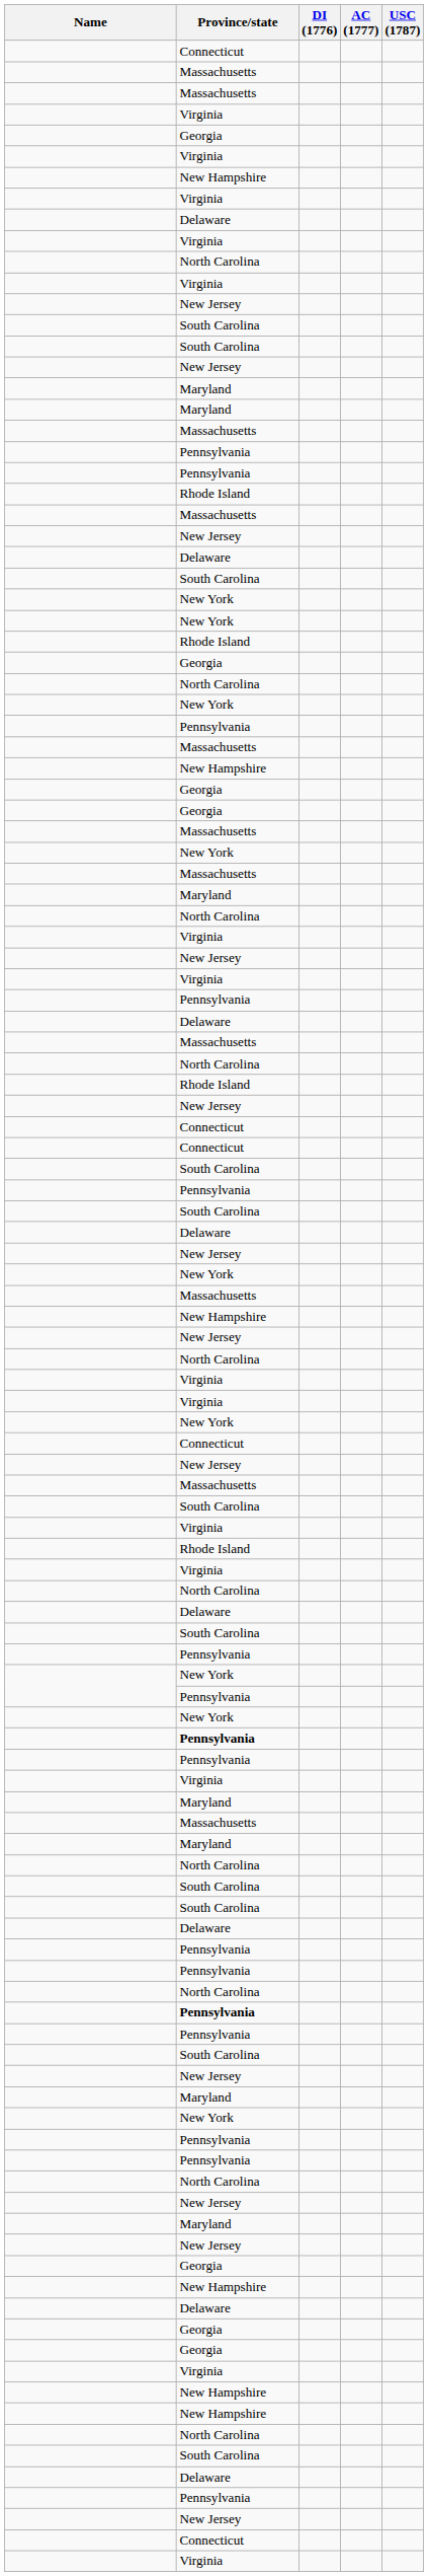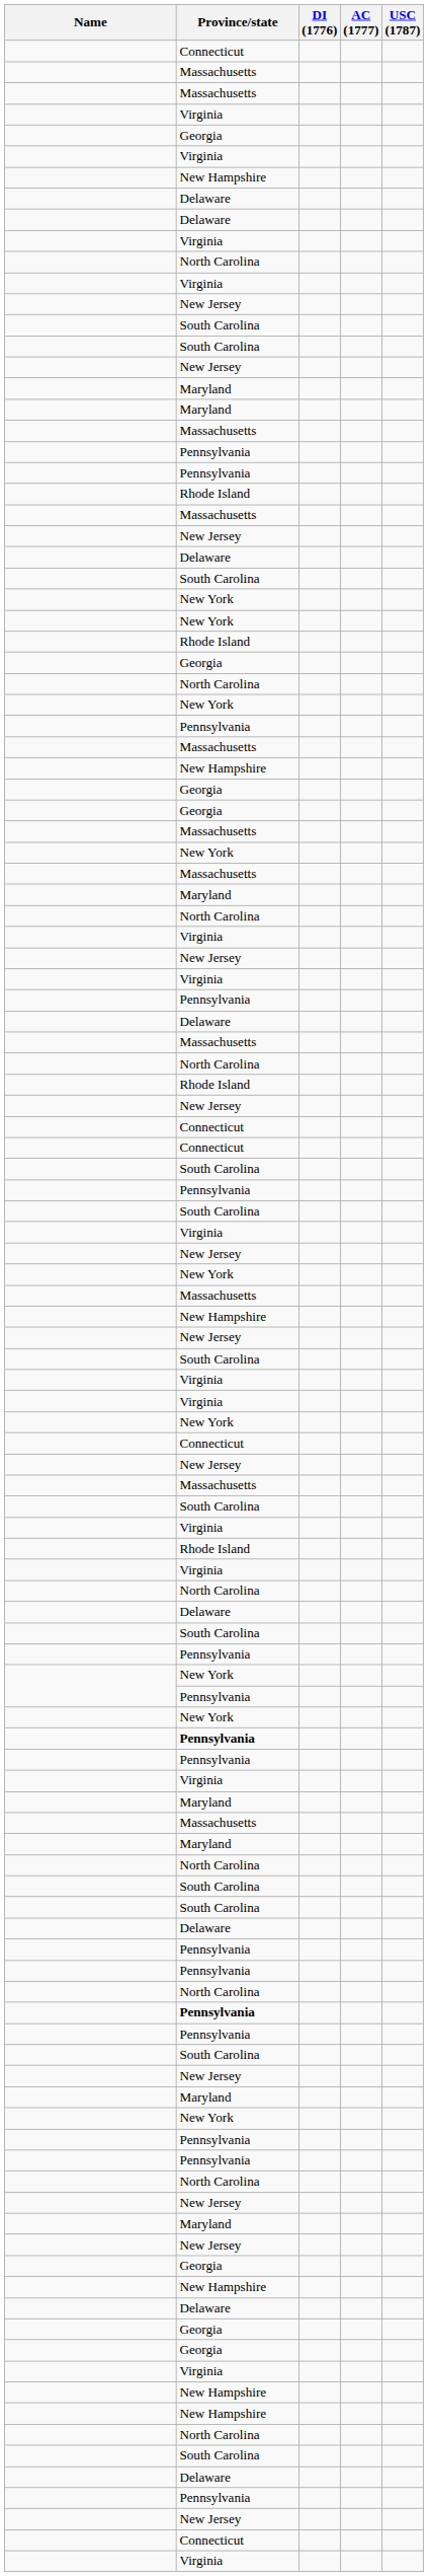 <table class="wikitable sortable">
 <tr>
 <th style="width:150pt;">Name</th>
 <th style="width:105pt;">Province/state</th>
 <th style="width:25pt;"><abbr><a href='#'>DI</a> </abbr>(1776)</th>
 <th style="width:25pt;"><abbr><a href='#'>AC</a></abbr> (1777)</th>
 <th style="width:25pt;"><abbr><a href='#'>USC</a></abbr> (1787)</th>
 </tr>
 <tr>
 <td></td>
 <td>Connecticut</td>
 <td></td>
 <td></td>
 <td></td>
 </tr>
 <tr>
 <td></td>
 <td>Massachusetts</td>
 <td></td>
 <td></td>
 <td></td>
 </tr>
 <tr>
 <td></td>
 <td>Massachusetts</td>
 <td></td>
 <td></td>
 <td></td>
 </tr>
 <tr>
 <td></td>
 <td>Virginia</td>
 <td></td>
 <td></td>
 <td></td>
 </tr>
 <tr>
 <td></td>
 <td>Georgia</td>
 <td></td>
 <td></td>
 <td></td>
 </tr>
 <tr>
 <td></td>
 <td>Virginia</td>
 <td></td>
 <td></td>
 <td></td>
 </tr>
 <tr>
 <td></td>
 <td>New Hampshire</td>
 <td></td>
 <td></td>
 <td></td>
 </tr>
 <tr>
 <td></td>
-<td>Virginia</td>
+<td>Delaware</td>
 <td></td>
 <td></td>
 <td></td>
 </tr>
 <tr>
 <td></td>
 <td>Delaware</td>
 <td></td>
 <td></td>
 <td></td>
 </tr>
 <tr>
 <td></td>
 <td>Virginia</td>
 <td></td>
 <td></td>
 <td></td>
 </tr>
 <tr>
 <td></td>
 <td>North Carolina</td>
 <td></td>
 <td></td>
 <td></td>
 </tr>
 <tr>
 <td></td>
 <td>Virginia</td>
 <td></td>
 <td></td>
 <td></td>
 </tr>
 <tr>
 <td></td>
 <td>New Jersey</td>
 <td></td>
 <td></td>
 <td></td>
 </tr>
 <tr>
 <td></td>
 <td>South Carolina</td>
 <td></td>
 <td></td>
 <td></td>
 </tr>
 <tr>
 <td></td>
 <td>South Carolina</td>
 <td></td>
 <td></td>
 <td></td>
 </tr>
 <tr>
 <td></td>
 <td>New Jersey</td>
 <td></td>
 <td></td>
 <td></td>
 </tr>
 <tr>
 <td></td>
 <td>Maryland</td>
 <td></td>
 <td></td>
 <td></td>
 </tr>
 <tr>
 <td></td>
 <td>Maryland</td>
 <td></td>
 <td></td>
 <td></td>
 </tr>
 <tr>
 <td></td>
 <td>Massachusetts</td>
 <td></td>
 <td></td>
 <td></td>
 </tr>
 <tr>
 <td></td>
 <td>Pennsylvania</td>
 <td></td>
 <td></td>
 <td></td>
 </tr>
 <tr>
 <td></td>
 <td>Pennsylvania</td>
 <td></td>
 <td></td>
 <td></td>
 </tr>
 <tr>
 <td></td>
 <td>Rhode Island</td>
 <td></td>
 <td></td>
 <td></td>
 </tr>
 <tr>
 <td></td>
 <td>Massachusetts</td>
 <td></td>
 <td></td>
 <td></td>
 </tr>
 <tr>
 <td></td>
 <td>New Jersey</td>
 <td></td>
 <td></td>
 <td></td>
 </tr>
 <tr>
 <td></td>
 <td>Delaware</td>
 <td></td>
 <td></td>
 <td></td>
 </tr>
 <tr>
 <td></td>
 <td>South Carolina</td>
 <td></td>
 <td></td>
 <td></td>
 </tr>
 <tr>
 <td></td>
 <td>New York</td>
 <td></td>
 <td></td>
 <td></td>
 </tr>
 <tr>
 <td></td>
 <td>New York</td>
 <td></td>
 <td></td>
 <td></td>
 </tr>
 <tr>
 <td></td>
 <td>Rhode Island</td>
 <td></td>
 <td></td>
 <td></td>
 </tr>
 <tr>
 <td></td>
 <td>Georgia</td>
 <td></td>
 <td></td>
 <td></td>
 </tr>
 <tr>
 <td></td>
 <td>North Carolina</td>
 <td></td>
 <td></td>
 <td></td>
 </tr>
 <tr>
 <td></td>
 <td>New York</td>
 <td></td>
 <td></td>
 <td></td>
 </tr>
 <tr>
 <td></td>
 <td>Pennsylvania</td>
 <td></td>
 <td></td>
 <td></td>
 </tr>
 <tr>
 <td></td>
 <td>Massachusetts</td>
 <td></td>
 <td></td>
 <td></td>
 </tr>
 <tr>
 <td></td>
 <td>New Hampshire</td>
 <td></td>
 <td></td>
 <td></td>
 </tr>
 <tr>
 <td></td>
 <td>Georgia</td>
 <td></td>
 <td></td>
 <td></td>
 </tr>
 <tr>
 <td></td>
 <td>Georgia</td>
 <td></td>
 <td></td>
 <td></td>
 </tr>
 <tr>
 <td></td>
 <td>Massachusetts</td>
 <td></td>
 <td></td>
 <td></td>
 </tr>
 <tr>
 <td></td>
 <td>New York</td>
 <td></td>
 <td></td>
 <td></td>
 </tr>
 <tr>
 <td></td>
 <td>Massachusetts</td>
 <td></td>
 <td></td>
 <td></td>
 </tr>
 <tr>
 <td></td>
 <td>Maryland</td>
 <td></td>
 <td></td>
 <td></td>
 </tr>
 <tr>
 <td></td>
 <td>North Carolina</td>
 <td></td>
 <td></td>
 <td></td>
 </tr>
 <tr>
 <td></td>
 <td>Virginia</td>
 <td></td>
 <td></td>
 <td></td>
 </tr>
 <tr>
 <td></td>
 <td>New Jersey</td>
 <td></td>
 <td></td>
 <td></td>
 </tr>
 <tr>
 <td></td>
 <td>Virginia</td>
 <td></td>
 <td></td>
 <td></td>
 </tr>
 <tr>
 <td></td>
 <td>Pennsylvania</td>
 <td></td>
 <td></td>
 <td></td>
 </tr>
 <tr>
 <td></td>
 <td>Delaware</td>
 <td></td>
 <td></td>
 <td></td>
 </tr>
 <tr>
 <td></td>
 <td>Massachusetts</td>
 <td></td>
 <td></td>
 <td></td>
 </tr>
 <tr>
 <td></td>
 <td>North Carolina</td>
 <td></td>
 <td></td>
 <td></td>
 </tr>
 <tr>
 <td></td>
 <td>Rhode Island</td>
 <td></td>
 <td></td>
 <td></td>
 </tr>
 <tr>
 <td></td>
 <td>New Jersey</td>
 <td></td>
 <td></td>
 <td></td>
 </tr>
 <tr>
 <td></td>
 <td>Connecticut</td>
 <td></td>
 <td></td>
 <td></td>
 </tr>
 <tr>
 <td></td>
 <td>Connecticut</td>
 <td></td>
 <td></td>
 <td></td>
 </tr>
 <tr>
 <td></td>
 <td>South Carolina</td>
 <td></td>
 <td></td>
 <td></td>
 </tr>
 <tr>
 <td></td>
 <td>Pennsylvania</td>
 <td></td>
 <td></td>
 <td></td>
 </tr>
 <tr>
 <td></td>
 <td>South Carolina</td>
 <td></td>
 <td></td>
 <td></td>
 </tr>
 <tr>
 <td></td>
-<td>Delaware</td>
+<td>Virginia</td>
 <td></td>
 <td></td>
 <td></td>
 </tr>
 <tr>
 <td></td>
 <td>New Jersey</td>
 <td></td>
 <td></td>
 <td></td>
 </tr>
 <tr>
 <td></td>
 <td>New York</td>
 <td></td>
 <td></td>
 <td></td>
 </tr>
 <tr>
 <td></td>
 <td>Massachusetts</td>
 <td></td>
 <td></td>
 <td></td>
 </tr>
 <tr>
 <td></td>
 <td>New Hampshire</td>
 <td></td>
 <td></td>
 <td></td>
 </tr>
 <tr>
 <td></td>
 <td>New Jersey</td>
 <td></td>
 <td></td>
 <td></td>
 </tr>
 <tr>
 <td></td>
-<td>North Carolina</td>
+<td>South Carolina</td>
 <td></td>
 <td></td>
 <td></td>
 </tr>
 <tr>
 <td></td>
 <td>Virginia</td>
 <td></td>
 <td></td>
 <td></td>
 </tr>
 <tr>
 <td></td>
 <td>Virginia</td>
 <td></td>
 <td></td>
 <td></td>
 </tr>
 <tr>
 <td></td>
 <td>New York</td>
 <td></td>
 <td></td>
 <td></td>
 </tr>
 <tr>
 <td></td>
 <td>Connecticut</td>
 <td></td>
 <td></td>
 <td></td>
 </tr>
 <tr>
 <td></td>
 <td>New Jersey</td>
 <td></td>
 <td></td>
 <td></td>
 </tr>
 <tr>
 <td></td>
 <td>Massachusetts</td>
 <td></td>
 <td></td>
 <td></td>
 </tr>
 <tr>
 <td></td>
 <td>South Carolina</td>
 <td></td>
 <td></td>
 <td></td>
 </tr>
 <tr>
 <td></td>
 <td>Virginia</td>
 <td></td>
 <td></td>
 <td></td>
 </tr>
 <tr>
 <td></td>
 <td>Rhode Island</td>
 <td></td>
 <td></td>
 <td></td>
 </tr>
 <tr>
 <td></td>
 <td>Virginia</td>
 <td></td>
 <td></td>
 <td></td>
 </tr>
 <tr>
 <td></td>
 <td>North Carolina</td>
 <td></td>
 <td></td>
 <td></td>
 </tr>
 <tr>
 <td></td>
 <td>Delaware</td>
 <td></td>
 <td></td>
 <td></td>
 </tr>
 <tr>
 <td></td>
 <td>South Carolina</td>
 <td></td>
 <td></td>
 <td></td>
 </tr>
 <tr>
 <td></td>
 <td>Pennsylvania</td>
 <td></td>
 <td></td>
 <td></td>
 </tr>
 <tr>
 <td rowspan="2"></td>
 <td>New York</td>
 <td></td>
 <td></td>
 <td></td>
 </tr>
 <tr>
 <td>Pennsylvania</td>
 <td></td>
 <td></td>
 <td></td>
 </tr>
 <tr>
 <td></td>
 <td>New York</td>
 <td></td>
 <td></td>
 <td></td>
 </tr>
 <tr>
 <td></td>
 <td><strong>Pennsylvania</strong></td>
 <td></td>
 <td></td>
 <td></td>
 </tr>
 <tr>
 <td></td>
 <td>Pennsylvania</td>
 <td></td>
 <td></td>
 <td></td>
 </tr>
 <tr>
 <td></td>
 <td>Virginia</td>
 <td></td>
 <td></td>
 <td></td>
 </tr>
 <tr>
 <td></td>
 <td>Maryland</td>
 <td></td>
 <td></td>
 <td></td>
 </tr>
 <tr>
 <td></td>
 <td>Massachusetts</td>
 <td></td>
 <td></td>
 <td></td>
 </tr>
 <tr>
 <td></td>
 <td>Maryland</td>
 <td></td>
 <td></td>
 <td></td>
 </tr>
 <tr>
 <td></td>
 <td>North Carolina</td>
 <td></td>
 <td></td>
 <td></td>
 </tr>
 <tr>
 <td></td>
 <td>South Carolina</td>
 <td></td>
 <td></td>
 <td></td>
 </tr>
 <tr>
 <td></td>
 <td>South Carolina</td>
 <td></td>
 <td></td>
 <td></td>
 </tr>
 <tr>
 <td></td>
 <td>Delaware</td>
 <td></td>
 <td></td>
 <td></td>
 </tr>
 <tr>
 <td></td>
 <td>Pennsylvania</td>
 <td></td>
 <td></td>
 <td></td>
 </tr>
 <tr>
 <td></td>
 <td>Pennsylvania</td>
 <td></td>
 <td></td>
 <td></td>
 </tr>
 <tr>
 <td></td>
 <td>North Carolina</td>
 <td></td>
 <td></td>
 <td></td>
 </tr>
 <tr>
 <td></td>
 <td><strong>Pennsylvania</strong></td>
 <td></td>
 <td></td>
 <td></td>
 </tr>
 <tr>
 <td></td>
 <td>Pennsylvania</td>
 <td></td>
 <td></td>
 <td></td>
 </tr>
 <tr>
 <td></td>
 <td>South Carolina</td>
 <td></td>
 <td></td>
 <td></td>
 </tr>
 <tr>
 <td></td>
 <td>New Jersey</td>
 <td></td>
 <td></td>
 <td></td>
 </tr>
 <tr>
 <td></td>
 <td>Maryland</td>
 <td></td>
 <td></td>
 <td></td>
 </tr>
 <tr>
 <td></td>
 <td>New York</td>
 <td></td>
 <td></td>
 <td></td>
 </tr>
 <tr>
 <td></td>
 <td>Pennsylvania</td>
 <td></td>
 <td></td>
 <td></td>
 </tr>
 <tr>
 <td></td>
 <td>Pennsylvania</td>
 <td></td>
 <td></td>
 <td></td>
 </tr>
 <tr>
 <td></td>
 <td>North Carolina</td>
 <td></td>
 <td></td>
 <td></td>
 </tr>
 <tr>
 <td></td>
 <td>New Jersey</td>
 <td></td>
 <td></td>
 <td></td>
 </tr>
 <tr>
 <td></td>
 <td>Maryland</td>
 <td></td>
 <td></td>
 <td></td>
 </tr>
 <tr>
 <td></td>
 <td>New Jersey</td>
 <td></td>
 <td></td>
 <td></td>
 </tr>
 <tr>
 <td></td>
 <td>Georgia</td>
 <td></td>
 <td></td>
 <td></td>
 </tr>
 <tr>
 <td></td>
 <td>New Hampshire</td>
 <td></td>
 <td></td>
 <td></td>
 </tr>
 <tr>
 <td></td>
 <td>Delaware</td>
 <td></td>
 <td></td>
 <td></td>
 </tr>
 <tr>
 <td></td>
 <td>Georgia</td>
 <td></td>
 <td></td>
 <td></td>
 </tr>
 <tr>
 <td></td>
 <td>Georgia</td>
 <td></td>
 <td></td>
 <td></td>
 </tr>
 <tr>
 <td></td>
 <td>Virginia</td>
 <td></td>
 <td></td>
 <td></td>
 </tr>
 <tr>
 <td></td>
 <td>New Hampshire</td>
 <td></td>
 <td></td>
 <td></td>
 </tr>
 <tr>
 <td></td>
 <td>New Hampshire</td>
 <td></td>
 <td></td>
 <td></td>
 </tr>
 <tr>
 <td></td>
 <td>North Carolina</td>
 <td></td>
 <td></td>
 <td></td>
 </tr>
 <tr>
 <td></td>
 <td>South Carolina</td>
 <td></td>
 <td></td>
 <td></td>
 </tr>
 <tr>
 <td></td>
 <td>Delaware</td>
 <td></td>
 <td></td>
 <td></td>
 </tr>
 <tr>
 <td></td>
 <td>Pennsylvania</td>
 <td></td>
 <td></td>
 <td></td>
 </tr>
 <tr>
 <td></td>
 <td>New Jersey</td>
 <td></td>
 <td></td>
 <td></td>
 </tr>
 <tr>
 <td></td>
 <td>Connecticut</td>
 <td></td>
 <td></td>
 <td></td>
 </tr>
 <tr>
 <td></td>
 <td>Virginia</td>
 <td></td>
 <td></td>
 <td></td>
 </tr>
 </table>
